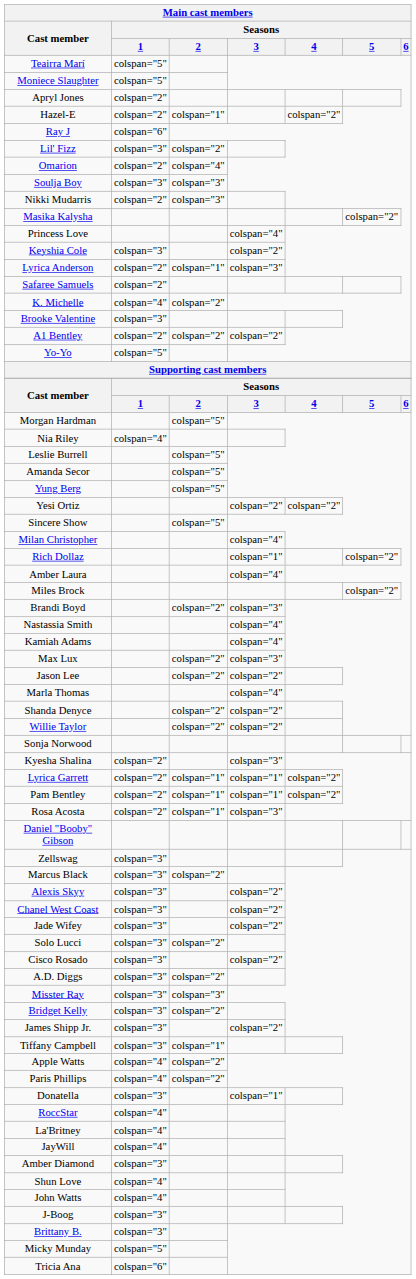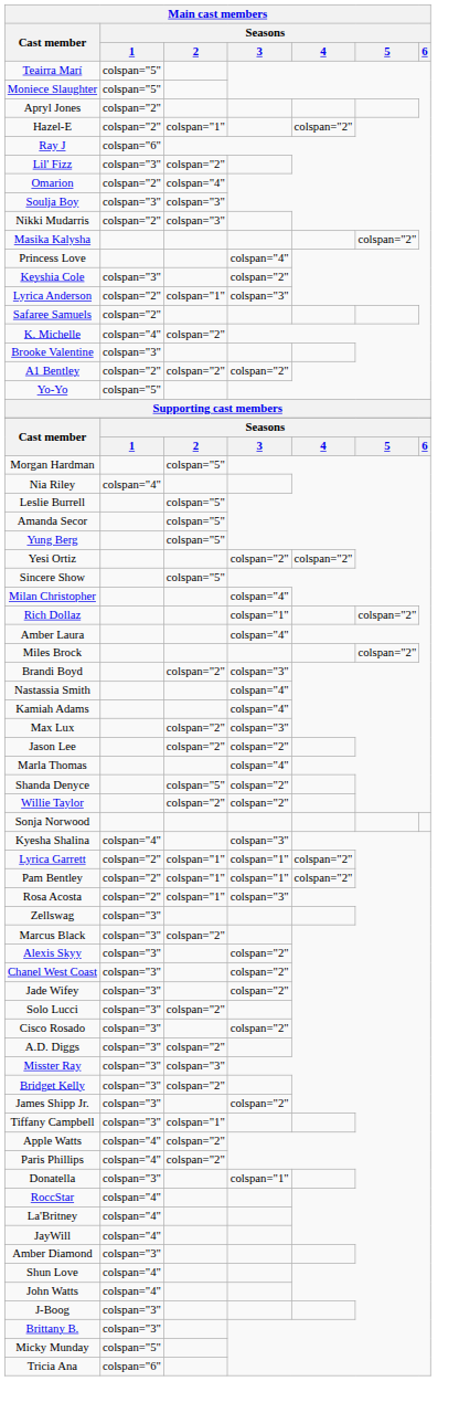 <table class="wikitable plainrowheaders" style="text-align:center;">
 <tr>
 <th colspan=7><a href='#'>Main cast members</a></th>
 </tr>
 <tr>
 <th rowspan="2" scope="col">Cast member</th>
 <th scope="col" colspan="6">Seasons</th>
 </tr>
 <tr>
 <th scope="col"><a href='#'>1</a></th>
 <th scope="col"><a href='#'>2</a></th>
 <th scope="col"><a href='#'>3</a></th>
 <th scope="col"><a href='#'>4</a></th>
 <th scope="col"><a href='#'>5</a></th>
 <th scope="col"><a href='#'>6</a></th>
 </tr>
 <tr>
 <td scope="row"><a href='#'>Teairra Marí</a></td>
 <td>colspan="5" </td>
 <td></td>
 </tr>
 <tr>
 <td scope="row"><a href='#'>Moniece Slaughter</a></td>
 <td>colspan="5" </td>
 <td></td>
 </tr>
 <tr>
 <td scope="row">Apryl Jones</td>
 <td>colspan="2" </td>
 <td></td>
 <td></td>
 <td></td>
 <td></td>
 </tr>
 <tr>
 <td scope="row">Hazel-E</td>
 <td>colspan="2" </td>
 <td>colspan="1" </td>
 <td></td>
 <td>colspan="2" </td>
 </tr>
 <tr>
 <td scope="row"><a href='#'>Ray J</a></td>
 <td>colspan="6" </td>
 </tr>
 <tr>
 <td scope="row"><a href='#'>Lil' Fizz</a></td>
 <td>colspan="3" </td>
 <td>colspan="2" </td>
 <td></td>
 </tr>
 <tr>
 <td scope="row"><a href='#'>Omarion</a></td>
 <td>colspan="2" </td>
 <td>colspan="4" </td>
 </tr>
 <tr>
 <td scope="row"><a href='#'>Soulja Boy</a></td>
 <td>colspan="3" </td>
 <td>colspan="3" </td>
 </tr>
 <tr>
 <td scope="row">Nikki Mudarris</td>
 <td>colspan="2" </td>
 <td>colspan="3" </td>
 <td></td>
 </tr>
 <tr>
 <td scope="row"><a href='#'>Masika Kalysha</a></td>
 <td></td>
 <td></td>
 <td></td>
 <td></td>
 <td>colspan="2" </td>
 </tr>
 <tr>
 <td scope="row">Princess Love</td>
 <td></td>
 <td></td>
 <td>colspan="4" </td>
 </tr>
 <tr>
 <td scope="row"><a href='#'>Keyshia Cole</a></td>
 <td>colspan="3" </td>
 <td></td>
 <td>colspan="2" </td>
 </tr>
 <tr>
 <td scope="row"><a href='#'>Lyrica Anderson</a></td>
 <td>colspan="2" </td>
 <td>colspan="1" </td>
 <td>colspan="3" </td>
 </tr>
 <tr>
 <td scope="row"><a href='#'>Safaree Samuels</a></td>
 <td>colspan="2" </td>
 <td></td>
 <td></td>
 <td></td>
 <td></td>
 </tr>
 <tr>
 <td scope="row"><a href='#'>K. Michelle</a></td>
 <td>colspan="4" </td>
 <td>colspan="2" </td>
 </tr>
 <tr>
 <td scope="row"><a href='#'>Brooke Valentine</a></td>
 <td>colspan="3" </td>
 <td></td>
 <td></td>
 <td></td>
 </tr>
 <tr>
 <td scope="row"><a href='#'>A1 Bentley</a></td>
 <td>colspan="2" </td>
 <td>colspan="2" </td>
 <td>colspan="2" </td>
 </tr>
 <tr>
 <td scope="row"><a href='#'>Yo-Yo</a></td>
 <td>colspan="5" </td>
 <td></td>
 </tr>
 <tr>
 <th colspan=7><a href='#'>Supporting cast members</a></th>
 </tr>
 <tr>
 </tr>
 <tr>
 <th rowspan="2" scope="col">Cast member</th>
 <th scope="col" colspan="6">Seasons</th>
 </tr>
 <tr>
 <th scope="col"><a href='#'>1</a></th>
 <th scope="col"><a href='#'>2</a></th>
 <th scope="col"><a href='#'>3</a></th>
 <th scope="col"><a href='#'>4</a></th>
 <th scope="col"><a href='#'>5</a></th>
 <th scope="col"><a href='#'>6</a></th>
 </tr>
 <tr>
 <td scope="row">Morgan Hardman</td>
 <td></td>
 <td>colspan="5" </td>
 </tr>
 <tr>
 <td scope="row">Nia Riley</td>
 <td>colspan="4" </td>
 <td></td>
 <td></td>
 </tr>
 <tr>
 <td scope="row">Leslie Burrell</td>
 <td></td>
 <td>colspan="5" </td>
 </tr>
 <tr>
 <td scope="row">Amanda Secor</td>
 <td></td>
 <td>colspan="5" </td>
 </tr>
 <tr>
 <td scope="row"><a href='#'>Yung Berg</a></td>
 <td></td>
 <td>colspan="5" </td>
 </tr>
 <tr>
 <td scope="row">Yesi Ortiz</td>
 <td></td>
 <td></td>
 <td>colspan="2" </td>
 <td>colspan="2" </td>
 </tr>
 <tr>
 <td scope="row">Sincere Show</td>
 <td></td>
 <td>colspan="5" </td>
 </tr>
 <tr>
 <td scope="row"><a href='#'>Milan Christopher</a></td>
 <td></td>
 <td></td>
 <td>colspan="4" </td>
 </tr>
 <tr>
 <td scope="row"><a href='#'>Rich Dollaz</a></td>
 <td></td>
 <td></td>
 <td>colspan="1" </td>
 <td></td>
 <td>colspan="2" </td>
 </tr>
 <tr>
 <td scope="row">Amber Laura</td>
 <td></td>
 <td></td>
 <td>colspan="4" </td>
 </tr>
 <tr>
 <td scope="row">Miles Brock</td>
 <td></td>
 <td></td>
 <td></td>
 <td></td>
 <td>colspan="2" </td>
 </tr>
 <tr>
 <td scope="row">Brandi Boyd</td>
 <td></td>
 <td>colspan="2" </td>
 <td>colspan="3" </td>
 </tr>
 <tr>
 <td scope="row">Nastassia Smith</td>
 <td></td>
 <td></td>
 <td>colspan="4" </td>
 </tr>
 <tr>
 <td scope="row">Kamiah Adams</td>
 <td></td>
 <td></td>
 <td>colspan="4" </td>
 </tr>
 <tr>
 <td scope="row">Max Lux</td>
 <td></td>
 <td>colspan="2" </td>
 <td>colspan="3" </td>
 </tr>
 <tr>
 <td scope="row">Jason Lee</td>
 <td></td>
 <td>colspan="2" </td>
 <td>colspan="2" </td>
 <td></td>
 </tr>
 <tr>
 <td scope="row">Marla Thomas</td>
 <td></td>
 <td></td>
 <td>colspan="4" </td>
 </tr>
 <tr>
 <td scope="row">Shanda Denyce</td>
 <td></td>
-<td>colspan="2" </td>
+<td>colspan="5" </td>
 <td>colspan="2" </td>
 <td></td>
 </tr>
 <tr>
 <td scope="row"><a href='#'>Willie Taylor</a></td>
 <td></td>
 <td>colspan="2" </td>
 <td>colspan="2" </td>
 <td></td>
 </tr>
 <tr>
 <td scope="row">Sonja Norwood</td>
 <td></td>
 <td></td>
 <td></td>
 <td></td>
 <td></td>
 <td></td>
 </tr>
 <tr>
 <td scope="row">Kyesha Shalina</td>
-<td>colspan="2" </td>
+<td>colspan="4" </td>
 <td></td>
 <td>colspan="3" </td>
 </tr>
 <tr>
 <td scope="row"><a href='#'>Lyrica Garrett</a></td>
 <td>colspan="2" </td>
 <td>colspan="1" </td>
 <td>colspan="1" </td>
 <td>colspan="2" </td>
 </tr>
 <tr>
 <td scope="row">Pam Bentley</td>
 <td>colspan="2" </td>
 <td>colspan="1" </td>
 <td>colspan="1" </td>
 <td>colspan="2" </td>
 </tr>
 <tr>
 <td scope="row">Rosa Acosta</td>
 <td>colspan="2" </td>
 <td>colspan="1" </td>
 <td>colspan="3" </td>
-</tr>
-<tr>
-<td scope="row"><a href='#'>Daniel "Booby" Gibson</a></td>
-<td></td>
-<td></td>
-<td></td>
-<td></td>
-<td></td>
-<td></td>
 </tr>
 <tr>
 <td scope="row">Zellswag</td>
 <td>colspan="3" </td>
 <td></td>
 <td></td>
 <td></td>
 </tr>
 <tr>
 <td scope="row">Marcus Black</td>
 <td>colspan="3" </td>
 <td>colspan="2" </td>
 <td></td>
 </tr>
 <tr>
 <td scope="row"><a href='#'>Alexis Skyy</a></td>
 <td>colspan="3" </td>
 <td></td>
 <td>colspan="2" </td>
 </tr>
 <tr>
 <td scope="row"><a href='#'>Chanel West Coast</a></td>
 <td>colspan="3" </td>
 <td></td>
 <td>colspan="2" </td>
 </tr>
 <tr>
 <td scope="row">Jade Wifey</td>
 <td>colspan="3" </td>
 <td></td>
 <td>colspan="2" </td>
 </tr>
 <tr>
 <td scope="row">Solo Lucci</td>
 <td>colspan="3" </td>
 <td>colspan="2" </td>
 <td></td>
 </tr>
 <tr>
 <td scope="row">Cisco Rosado</td>
 <td>colspan="3" </td>
 <td></td>
 <td>colspan="2" </td>
 </tr>
 <tr>
 <td scope="row">A.D. Diggs</td>
 <td>colspan="3" </td>
 <td>colspan="2" </td>
 <td></td>
 </tr>
 <tr>
 <td scope="row"><a href='#'>Misster Ray</a></td>
 <td>colspan="3" </td>
 <td>colspan="3" </td>
 </tr>
 <tr>
 <td scope="row"><a href='#'>Bridget Kelly</a></td>
 <td>colspan="3" </td>
 <td>colspan="2" </td>
 <td></td>
 </tr>
 <tr>
 <td scope="row">James Shipp Jr.</td>
 <td>colspan="3" </td>
 <td></td>
 <td>colspan="2" </td>
 </tr>
 <tr>
 <td scope="row">Tiffany Campbell</td>
 <td>colspan="3" </td>
 <td>colspan="1" </td>
 <td></td>
 <td></td>
 </tr>
 <tr>
 <td scope="row">Apple Watts</td>
 <td>colspan="4" </td>
 <td>colspan="2" </td>
 </tr>
 <tr>
 <td scope="row">Paris Phillips</td>
 <td>colspan="4" </td>
 <td>colspan="2" </td>
 </tr>
 <tr>
 <td scope="row">Donatella</td>
 <td>colspan="3" </td>
 <td></td>
 <td>colspan="1" </td>
 <td></td>
 </tr>
 <tr>
 <td scope="row"><a href='#'>RoccStar</a></td>
 <td>colspan="4" </td>
 <td></td>
 <td></td>
 </tr>
 <tr>
 <td scope="row">La'Britney</td>
 <td>colspan="4" </td>
 <td></td>
 <td></td>
 </tr>
 <tr>
 <td scope="row">JayWill</td>
 <td>colspan="4" </td>
 <td></td>
 <td></td>
 </tr>
 <tr>
 <td scope="row">Amber Diamond</td>
 <td>colspan="3" </td>
 <td></td>
 <td></td>
 <td></td>
 </tr>
 <tr>
 <td scope="row">Shun Love</td>
 <td>colspan="4" </td>
 <td></td>
 <td></td>
 </tr>
 <tr>
 <td scope="row">John Watts</td>
 <td>colspan="4" </td>
 <td></td>
 <td></td>
 </tr>
 <tr>
 <td scope="row">J-Boog</td>
 <td>colspan="3" </td>
 <td></td>
 <td></td>
 <td></td>
 </tr>
 <tr>
 <td scope="row"><a href='#'>Brittany B.</a></td>
 <td>colspan="3" </td>
 <td></td>
 </tr>
 <tr>
 <td scope="row">Micky Munday</td>
 <td>colspan="5" </td>
 <td></td>
 </tr>
 <tr>
 <td scope="row">Tricia Ana</td>
 <td>colspan="6" </td>
 <td></td>
 </tr>
 </table>
